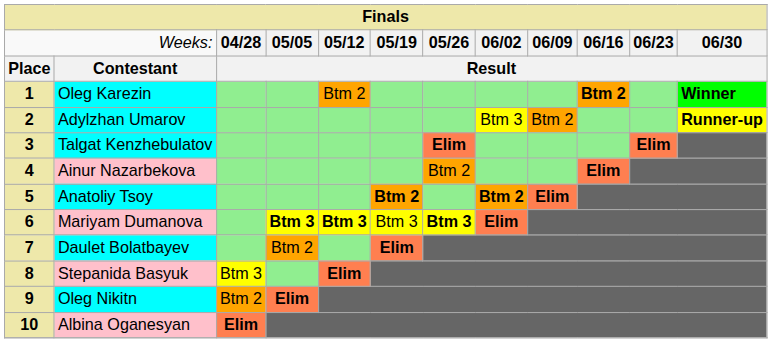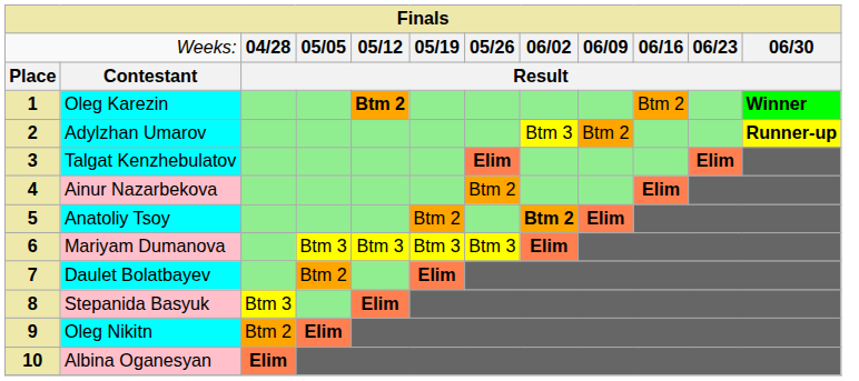 <table class="wikitable" align="center">
 <tr>
 <td colspan="15" bgcolor="palegoldenrod" align="Center"><strong>Finals</strong></td>
 </tr>
 <tr>
 <td colspan="2" align="right"><em>Weeks:</em></td>
 <th>04/28</th>
 <th>05/05</th>
 <th>05/12</th>
 <th>05/19</th>
 <th>05/26</th>
 <th>06/02</th>
 <th>06/09</th>
 <th>06/16</th>
 <th>06/23</th>
 <th>06/30</th>
 </tr>
 <tr>
 <th>Place</th>
 <th>Contestant</th>
 <th colspan="16" align="center">Result</th>
 </tr>
 <tr>
 <td align="center" bgcolor="palegoldenrod"><strong>1</strong></td>
 <td bgcolor="cyan">Oleg Karezin</td>
 <td style="background: lightgreen"></td>
 <td style="background: lightgreen"></td>
-<td style="background: orange" align="center">Btm 2</td>
+<td style="background: orange" align="center"><strong>Btm 2</strong></td>
 <td style="background: lightgreen"></td>
 <td style="background: lightgreen"></td>
 <td style="background: lightgreen"></td>
 <td style="background: lightgreen"></td>
-<td style="background: orange" align="center"><strong>Btm 2</strong></td>
+<td style="background: orange" align="center">Btm 2</td>
 <td style="background: lightgreen"></td>
 <td style="background: Lime"><strong>Winner</strong></td>
 </tr>
 <tr>
 <td align="center" bgcolor="palegoldenrod"><strong>2</strong></td>
 <td bgcolor="cyan">Adylzhan Umarov</td>
 <td style="background: lightgreen"></td>
 <td style="background: lightgreen"></td>
 <td style="background: lightgreen"></td>
 <td style="background: lightgreen"></td>
 <td style="background: lightgreen"></td>
 <td style="background: yellow" align="center">Btm 3</td>
 <td style="background: orange" align="center">Btm 2</td>
 <td style="background: lightgreen"></td>
 <td style="background: lightgreen"></td>
 <td style="background: yellow"><strong>Runner-up</strong></td>
 </tr>
 <tr>
 <td align="center" bgcolor="palegoldenrod"><strong>3</strong></td>
 <td bgcolor="cyan">Talgat Kenzhebulatov</td>
 <td style="background: lightgreen"></td>
 <td style="background: lightgreen"></td>
 <td style="background: lightgreen"></td>
 <td style="background: lightgreen"></td>
 <td style="background: coral" align="center"><strong>Elim</strong></td>
 <td style="background: lightgreen"></td>
 <td style="background: lightgreen"></td>
 <td style="background: lightgreen"></td>
 <td style="background: coral" align="center"><strong>Elim</strong></td>
 <td bgcolor="666666"></td>
 </tr>
 <tr>
 <td align="center" bgcolor="palegoldenrod"><strong>4</strong></td>
 <td bgcolor="pink">Ainur Nazarbekova</td>
 <td style="background: lightgreen"></td>
 <td style="background: lightgreen"></td>
 <td style="background: lightgreen"></td>
 <td style="background: lightgreen"></td>
 <td style="background: orange" align="center">Btm 2</td>
 <td style="background: lightgreen"></td>
 <td style="background: lightgreen"></td>
 <td style="background: coral" align="center"><strong>Elim</strong></td>
 <td colspan="2" bgcolor="666666"></td>
 </tr>
 <tr>
 <td align="center" bgcolor="palegoldenrod"><strong>5</strong></td>
 <td bgcolor="cyan">Anatoliy Tsoy</td>
 <td style="background: lightgreen"></td>
 <td style="background: lightgreen"></td>
 <td style="background: lightgreen"></td>
-<td style="background: orange" align="center"><strong>Btm 2</strong></td>
+<td style="background: orange" align="center">Btm 2</td>
 <td style="background: lightgreen"></td>
 <td style="background: orange" align="center"><strong>Btm 2</strong></td>
 <td style="background: coral" align="center"><strong>Elim</strong></td>
 <td colspan="3" bgcolor="666666"></td>
 </tr>
 <tr>
 <td align="center" bgcolor="palegoldenrod"><strong>6</strong></td>
 <td bgcolor="pink">Mariyam Dumanova</td>
 <td style="background: lightgreen"></td>
-<td style="background: yellow" align="center"><strong>Btm 3</strong></td>
-<td style="background: yellow" align="center"><strong>Btm 3</strong></td>
 <td style="background: yellow" align="center">Btm 3</td>
-<td style="background: yellow" align="center"><strong>Btm 3</strong></td>
+<td style="background: yellow" align="center">Btm 3</td>
+<td style="background: yellow" align="center">Btm 3</td>
+<td style="background: yellow" align="center">Btm 3</td>
 <td style="background: coral" align="center"><strong>Elim</strong></td>
 <td colspan="4" bgcolor="666666"></td>
 </tr>
 <tr>
 <td align="center" bgcolor="palegoldenrod"><strong>7</strong></td>
 <td bgcolor="cyan">Daulet Bolatbayev</td>
 <td style="background: lightgreen"></td>
 <td style="background: orange" align="center">Btm 2</td>
 <td style="background: lightgreen"></td>
 <td style="background: coral" align="center"><strong>Elim</strong></td>
 <td colspan="6" bgcolor="666666"></td>
 </tr>
 <tr>
 <td align="center" bgcolor="palegoldenrod"><strong>8</strong></td>
 <td bgcolor="pink">Stepanida Basyuk</td>
 <td style="background: yellow" align="center">Btm 3</td>
 <td style="background: lightgreen"></td>
 <td style="background: coral" align="center"><strong>Elim</strong></td>
 <td colspan="7" bgcolor="666666"></td>
 </tr>
 <tr>
 <td align="center" bgcolor="palegoldenrod"><strong>9</strong></td>
 <td bgcolor="cyan">Oleg Nikitn</td>
 <td style="background: orange" align="center">Btm 2</td>
 <td style="background: coral" align="center"><strong>Elim</strong></td>
 <td colspan="8" bgcolor="666666"></td>
 </tr>
 <tr>
 <td align="center" bgcolor="palegoldenrod"><strong>10</strong></td>
 <td bgcolor="pink">Albina Oganesyan</td>
 <td style="background: coral" align="center"><strong>Elim</strong></td>
 <td colspan="9" bgcolor="666666"></td>
 </tr>
 <tr>
 </tr>
 </table>
